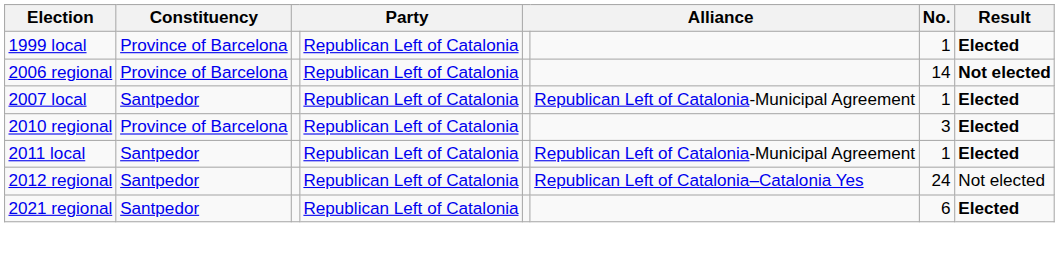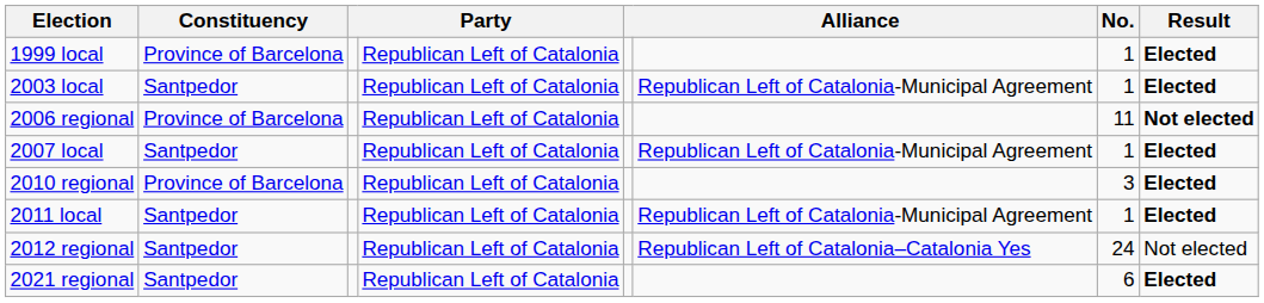 <table class="wikitable" style="text-align:left;">
 <tr>
 <th scope=col>Election</th>
 <th scope=col>Constituency</th>
 <th scope=col colspan="2">Party</th>
 <th scope=col colspan="2">Alliance</th>
 <th scope=col>No.</th>
 <th scope=col>Result</th>
 </tr>
 <tr>
 <td><a href='#'>1999 local</a></td>
 <td><a href='#'>Province of Barcelona</a></td>
 <td style="background:"></td>
 <td><a href='#'>Republican Left of Catalonia</a></td>
 <td></td>
 <td></td>
 <td align=right>1</td>
 <td><strong>Elected</strong></td>
 </tr>
 <tr>
+<td><a href='#'>2003 local</a></td>
+<td><a href='#'>Santpedor</a></td>
+<td style="background:"></td>
+<td><a href='#'>Republican Left of Catalonia</a></td>
+<td></td>
+<td><a href='#'>Republican Left of Catalonia</a>-Municipal Agreement</td>
+<td align=right>1</td>
+<td><strong>Elected</strong></td>
+</tr>
+<tr>
 <td><a href='#'>2006 regional</a></td>
 <td><a href='#'>Province of Barcelona</a></td>
 <td style="background:"></td>
 <td><a href='#'>Republican Left of Catalonia</a></td>
 <td></td>
 <td></td>
-<td align=right>14</td>
+<td align=right>11</td>
 <td><strong>Not elected</strong></td>
 </tr>
 <tr>
 <td><a href='#'>2007 local</a></td>
 <td><a href='#'>Santpedor</a></td>
 <td style="background:"></td>
 <td><a href='#'>Republican Left of Catalonia</a></td>
 <td></td>
 <td><a href='#'>Republican Left of Catalonia</a>-Municipal Agreement</td>
 <td align=right>1</td>
 <td><strong>Elected</strong></td>
 </tr>
 <tr>
 <td><a href='#'>2010 regional</a></td>
 <td><a href='#'>Province of Barcelona</a></td>
 <td style="background:"></td>
 <td><a href='#'>Republican Left of Catalonia</a></td>
 <td></td>
 <td></td>
 <td align=right>3</td>
 <td><strong>Elected</strong></td>
 </tr>
 <tr>
 <td><a href='#'>2011 local</a></td>
 <td><a href='#'>Santpedor</a></td>
 <td style="background:"></td>
 <td><a href='#'>Republican Left of Catalonia</a></td>
 <td></td>
 <td><a href='#'>Republican Left of Catalonia</a>-Municipal Agreement</td>
 <td align=right>1</td>
 <td><strong>Elected</strong></td>
 </tr>
 <tr>
 <td><a href='#'>2012 regional</a></td>
 <td><a href='#'>Santpedor</a></td>
 <td style="background:"></td>
 <td><a href='#'>Republican Left of Catalonia</a></td>
 <td style="background:"></td>
 <td><a href='#'>Republican Left of Catalonia–Catalonia Yes</a></td>
 <td align=right>24</td>
 <td>Not elected</td>
 </tr>
 <tr>
 <td><a href='#'>2021 regional</a></td>
 <td><a href='#'>Santpedor</a></td>
 <td style="background:"></td>
 <td><a href='#'>Republican Left of Catalonia</a></td>
 <td></td>
 <td></td>
 <td align=right>6</td>
 <td><strong>Elected</strong></td>
 </tr>
 </table>
